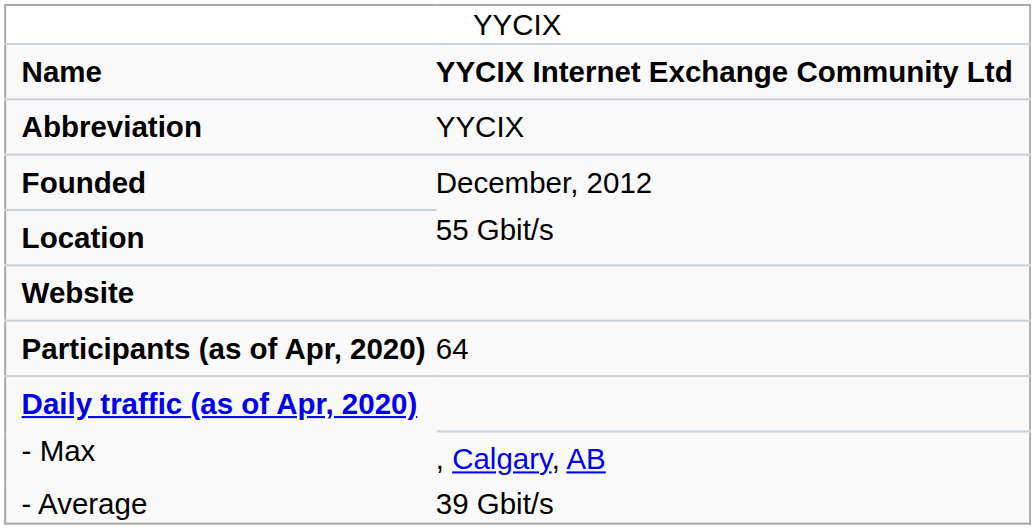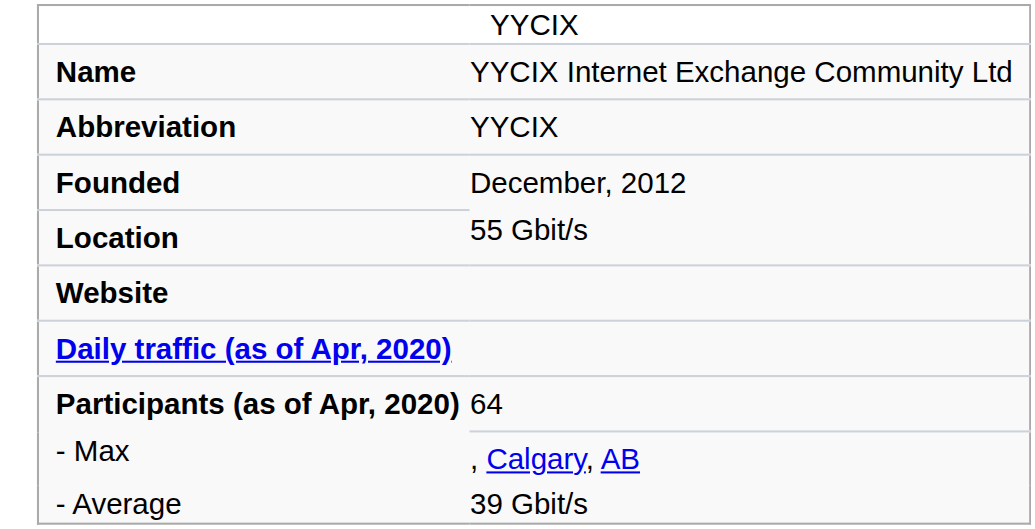 <table class="infobox" style="padding: 5px; font-size: 90%; border-collapse: collapse; cellspacing: 0px;">
 <tr>
 <td colspan="2" style="text-align: center; background-color: #ffffff;">YYCIX</td>
 </tr>
 <tr>
 <td style="padding: 5px; padding-left: 8px; font-weight: bold; border-top: solid 1px #ccd2d9;">Name</td>
-<td style="padding: 5px; padding-left: 0px; padding-right: 8px; border-top: solid 1px #ccd2d9;"><strong>YYCIX Internet Exchange Community Ltd</strong></td>
+<td style="padding: 5px; padding-left: 0px; padding-right: 8px; border-top: solid 1px #ccd2d9;">YYCIX Internet Exchange Community Ltd</td>
 </tr>
 <tr>
 <td style="padding: 5px; padding-left: 8px; font-weight: bold; border-top: solid 1px #ccd2d9;">Abbreviation</td>
 <td style="padding: 5px; padding-left: 0px; padding-right: 8px; border-top: solid 1px #ccd2d9;">YYCIX</td>
 </tr>
 <tr>
 <td style="padding: 5px; padding-left: 8px; font-weight: bold; border-top: solid 1px #ccd2d9;">Founded</td>
 <td style="padding: 5px; padding-left: 0px; padding-right: 8px; border-top: solid 1px #ccd2d9;">December, 2012</td>
 </tr>
 <tr>
 <td style="padding: 5px; padding-left: 8px; font-weight: bold; border-top: solid 1px #ccd2d9;">Location</td>
 <td style="padding-left: 0px; padding-right: 8px;">55 Gbit/s</td>
 </tr>
 <tr>
 <td style="padding: 5px; padding-left: 8px; font-weight: bold; border-top: solid 1px #ccd2d9;">Website</td>
 <td style="padding: 5px; padding-left: 0px; padding-right: 8px; border-top: solid 1px #ccd2d9;"></td>
 </tr>
 <tr>
+<td style="padding: 5px; padding-left: 8px; font-weight: bold; border-top: solid 1px #ccd2d9;"><a href='#'>Daily traffic (as of Apr, 2020)</a></td>
+<td style="padding: 5px; padding-left: 0px; padding-right: 8px; border-top: solid 1px #ccd2d9;"> </td>
+</tr>
+<tr>
 <td style="padding: 5px; padding-left: 8px; font-weight: bold; border-top: solid 1px #ccd2d9;">Participants (as of Apr, 2020)</td>
 <td style="padding: 5px; padding-left: 0px; padding-right: 8px; border-top: solid 1px #ccd2d9;">64</td>
-</tr>
-<tr>
-<td style="padding: 5px; padding-left: 8px; font-weight: bold; border-top: solid 1px #ccd2d9;"><a href='#'>Daily traffic (as of Apr, 2020)</a></td>
-<td style="padding: 5px; padding-left: 0px; padding-right: 8px; border-top: solid 1px #ccd2d9;"> </td>
 </tr>
 <tr>
 <td style="padding-left: 5px; padding-left: 8px;">- Max</td>
 <td style="padding: 5px; padding-left: 0px; padding-right: 8px; border-top: solid 1px #ccd2d9;">, <a href='#'>Calgary</a>, <a href='#'>AB</a></td>
 </tr>
 <tr>
 <td style="padding-left: 5px; padding-left: 8px;">- Average</td>
 <td style="padding-left: 0px; padding-right: 8px;">39 Gbit/s</td>
 </tr>
 </table>
